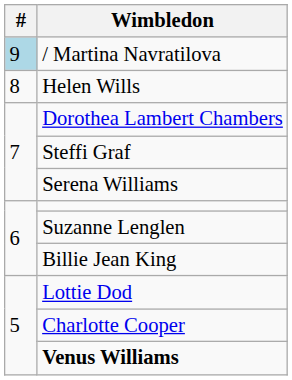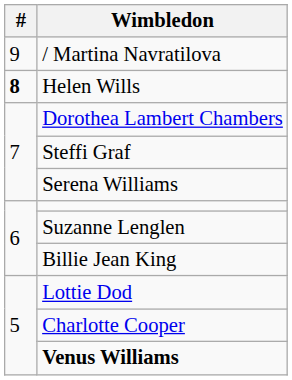 <table class="wikitable">
 <tr>
 <th style="width:18px;">#</th>
 <th>Wimbledon</th>
 </tr>
 <tr>
-<td style="background: lightblue;">9</td>
+<td>9</td>
 <td>/ Martina Navratilova</td>
 </tr>
 <tr>
-<td>8</td>
+<td><strong>8</strong></td>
 <td> Helen Wills</td>
 </tr>
 <tr>
 <td rowspan="3">7</td>
 <td> <a href='#'>Dorothea Lambert Chambers</a></td>
 </tr>
 <tr>
 <td> Steffi Graf</td>
 </tr>
 <tr>
 <td> Serena Williams</td>
 </tr>
 <tr>
 <td rowspan="3">6</td>
 <td></td>
 </tr>
 <tr>
 <td> Suzanne Lenglen</td>
 </tr>
 <tr>
 <td> Billie Jean King</td>
 </tr>
 <tr>
 <td rowspan="3">5</td>
 <td> <a href='#'>Lottie Dod</a></td>
 </tr>
 <tr>
 <td> <a href='#'>Charlotte Cooper</a></td>
 </tr>
 <tr>
 <td> <strong>Venus Williams</strong><br></td>
 </tr>
 </table>
